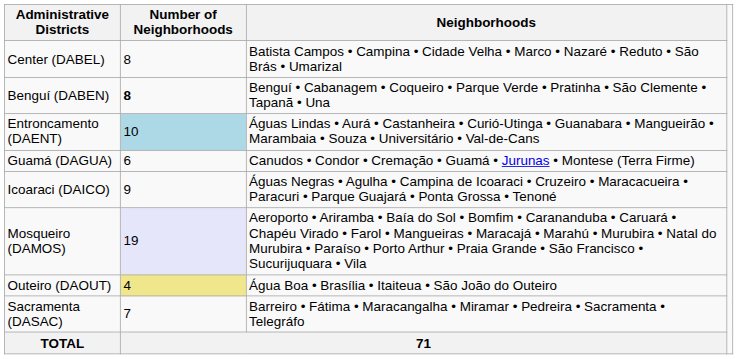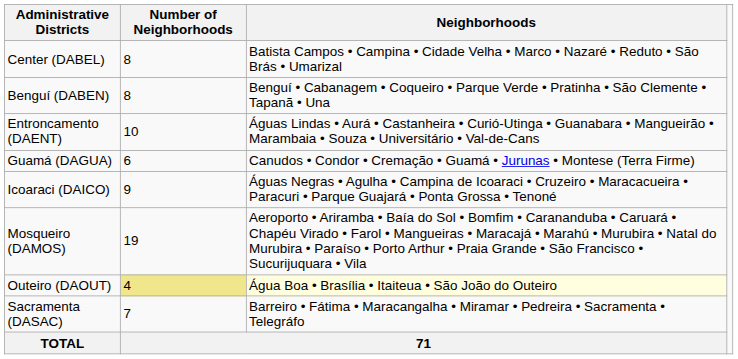 <table class="wikitable">
 <tr>
 <th>Administrative Districts</th>
 <th>Number of Neighborhoods</th>
 <th>Neighborhoods</th>
 <td rowspan="10"></td>
 </tr>
 <tr>
 <td>Center (DABEL)</td>
 <td>8</td>
 <td>Batista Campos • Campina • Cidade Velha • Marco • Nazaré • Reduto • São Brás • Umarizal</td>
 </tr>
 <tr>
 <td>Benguí (DABEN)</td>
-<td><strong>8</strong></td>
+<td>8</td>
 <td>Benguí • Cabanagem • Coqueiro • Parque Verde • Pratinha • São Clemente • Tapanã • Una</td>
 </tr>
 <tr>
 <td>Entroncamento (DAENT)</td>
-<td style="background: lightblue;">10</td>
+<td>10</td>
 <td>Águas Lindas • Aurá • Castanheira • Curió-Utinga • Guanabara • Mangueirão • Marambaia • Souza • Universitário • Val-de-Cans</td>
 </tr>
 <tr>
 <td>Guamá (DAGUA)</td>
 <td>6</td>
 <td>Canudos • Condor • Cremação • Guamá • <a href='#'>Jurunas</a> • Montese (Terra Firme)</td>
 </tr>
 <tr>
 <td>Icoaraci (DAICO)</td>
 <td>9</td>
 <td>Águas Negras • Agulha • Campina de Icoaraci • Cruzeiro • Maracacueira • Paracuri • Parque Guajará • Ponta Grossa • Tenoné</td>
 </tr>
 <tr>
 <td>Mosqueiro (DAMOS)</td>
-<td style="background: lavender;">19</td>
+<td>19</td>
 <td>Aeroporto • Ariramba • Baía do Sol • Bomfim • Carananduba • Caruará • Chapéu Virado • Farol • Mangueiras • Maracajá • Marahú • Murubira • Natal do Murubira • Paraíso • Porto Arthur • Praia Grande • São Francisco • Sucurijuquara • Vila</td>
 </tr>
 <tr>
 <td>Outeiro (DAOUT)</td>
 <td style="background: khaki;">4</td>
-<td>Água Boa • Brasília • Itaiteua • São João do Outeiro</td>
+<td style="background: lightyellow;">Água Boa • Brasília • Itaiteua • São João do Outeiro</td>
 </tr>
 <tr>
 <td>Sacramenta (DASAC)</td>
 <td>7</td>
 <td>Barreiro • Fátima • Maracangalha • Miramar • Pedreira • Sacramenta • Telegráfo</td>
 </tr>
 <tr>
 <th>TOTAL</th>
 <th colspan="2" align=center>71</th>
 </tr>
 </table>
